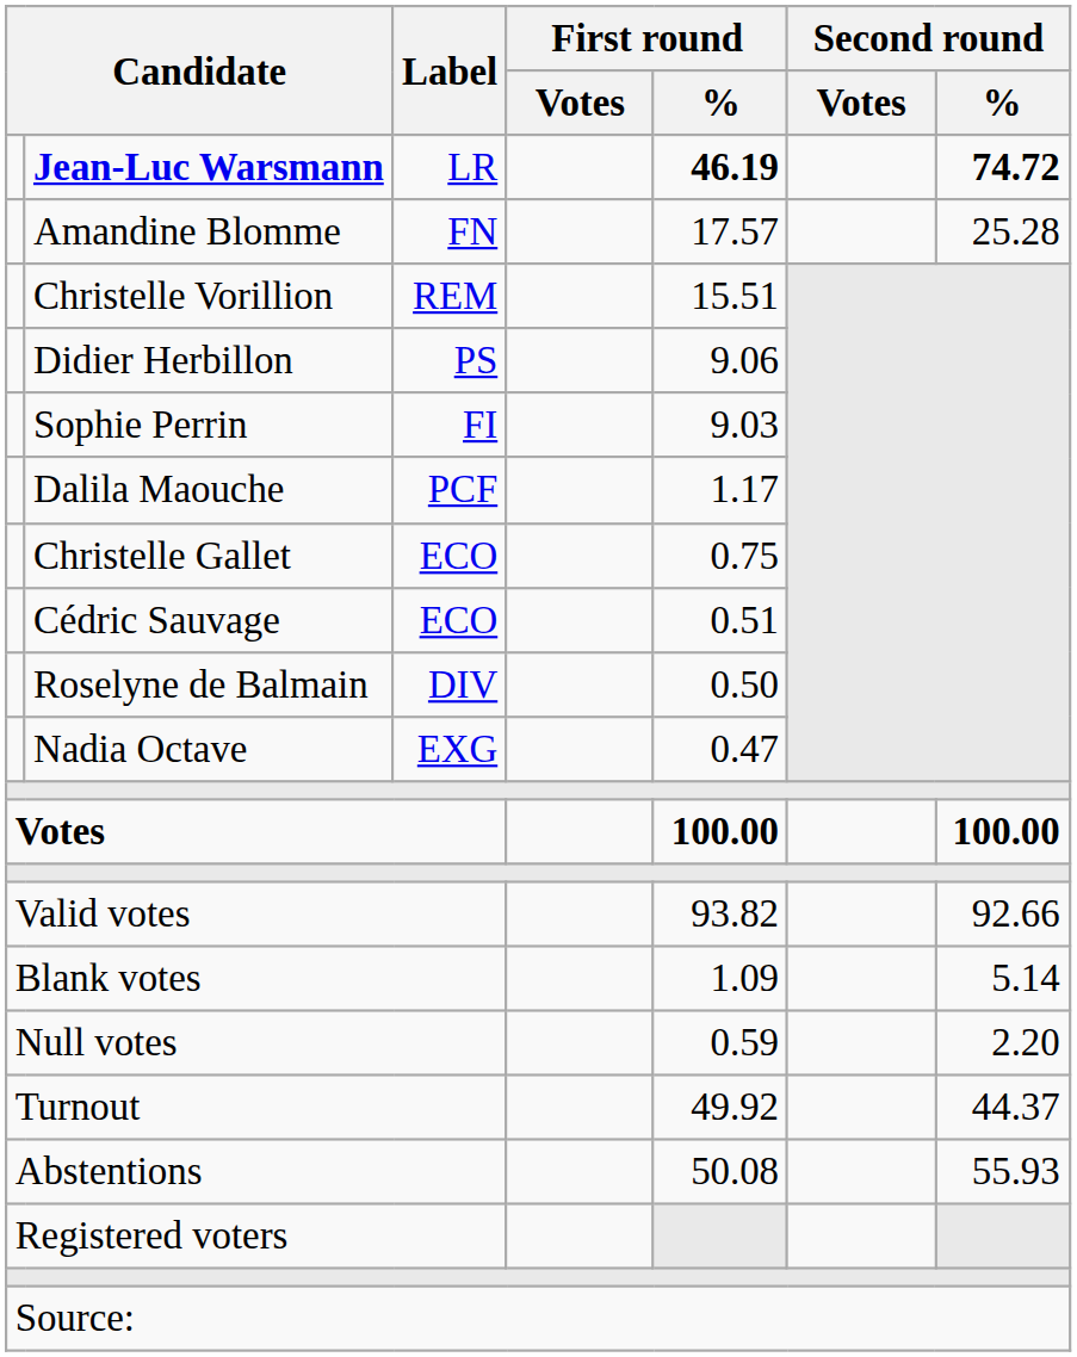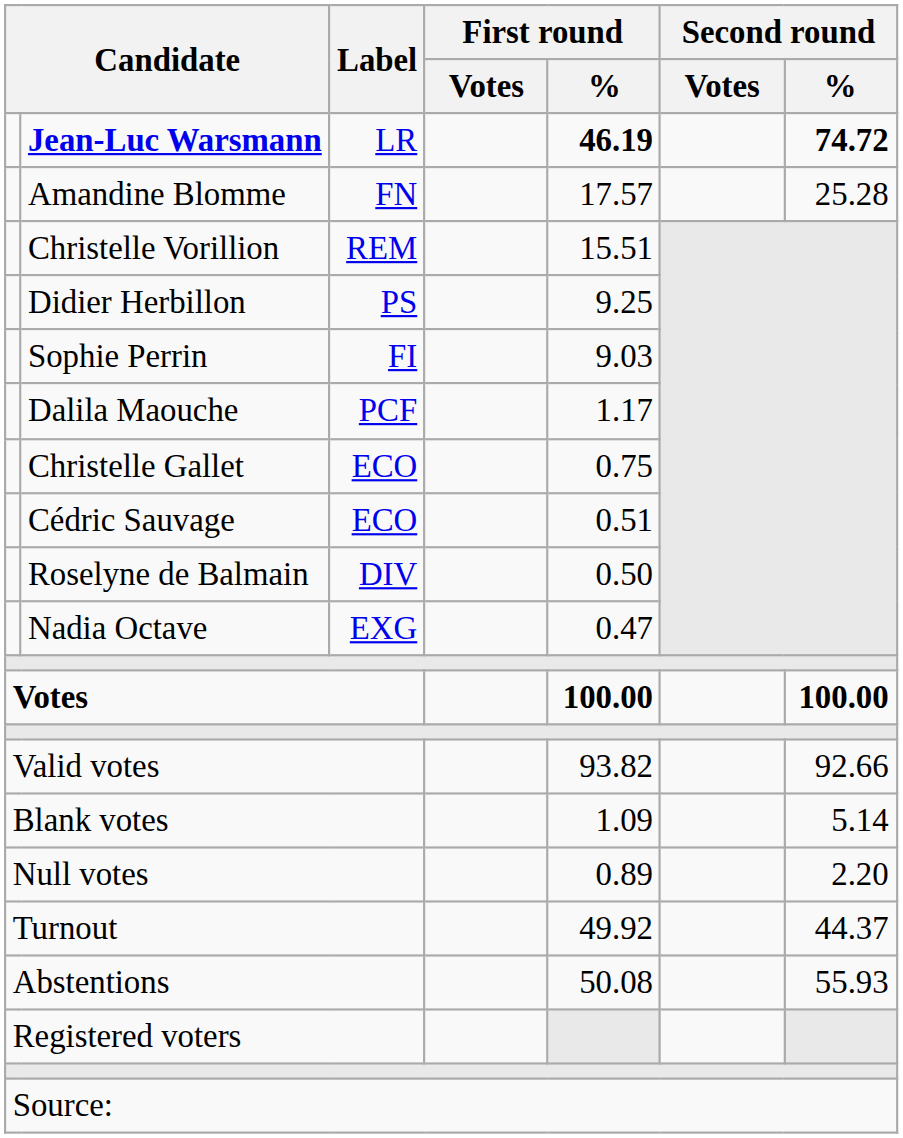 <table class="wikitable" style="text-align:right;font-size:95%;">
 <tr>
 <th colspan="2" rowspan="2">Candidate</th>
 <th rowspan="2">Label</th>
 <th colspan="2">First round</th>
 <th colspan="2">Second round</th>
 </tr>
 <tr>
 <th style="width:50px;">Votes</th>
 <th style="width:45px;">%</th>
 <th style="width:50px;">Votes</th>
 <th style="width:45px;">%</th>
 </tr>
 <tr>
 <td style="color:inherit;background:"></td>
 <td style="text-align:left;"><strong><a href='#'>Jean-Luc Warsmann</a></strong></td>
 <td><a href='#'>LR</a></td>
 <td></td>
 <td><strong>46.19</strong></td>
 <td><strong></strong></td>
 <td><strong>74.72</strong></td>
 </tr>
 <tr>
 <td style="color:inherit;background:"></td>
 <td style="text-align:left;">Amandine Blomme</td>
 <td><a href='#'>FN</a></td>
 <td></td>
 <td>17.57</td>
 <td></td>
 <td>25.28</td>
 </tr>
 <tr>
 <td style="color:inherit;background:"></td>
 <td style="text-align:left;">Christelle Vorillion</td>
 <td><a href='#'>REM</a></td>
 <td></td>
 <td>15.51</td>
 <td colspan="2" rowspan="8" style="background:#E9E9E9;"></td>
 </tr>
 <tr>
 <td style="color:inherit;background:"></td>
 <td style="text-align:left;">Didier Herbillon</td>
 <td><a href='#'>PS</a></td>
 <td></td>
-<td>9.06</td>
+<td>9.25</td>
 </tr>
 <tr>
 <td style="color:inherit;background:"></td>
 <td style="text-align:left;">Sophie Perrin</td>
 <td><a href='#'>FI</a></td>
 <td></td>
 <td>9.03</td>
 </tr>
 <tr>
 <td style="color:inherit;background:"></td>
 <td style="text-align:left;">Dalila Maouche</td>
 <td><a href='#'>PCF</a></td>
 <td></td>
 <td>1.17</td>
 </tr>
 <tr>
 <td style="color:inherit;background:"></td>
 <td style="text-align:left;">Christelle Gallet</td>
 <td><a href='#'>ECO</a></td>
 <td></td>
 <td>0.75</td>
 </tr>
 <tr>
 <td style="color:inherit;background:"></td>
 <td style="text-align:left;">Cédric Sauvage</td>
 <td><a href='#'>ECO</a></td>
 <td></td>
 <td>0.51</td>
 </tr>
 <tr>
 <td style="color:inherit;background:"></td>
 <td style="text-align:left;">Roselyne de Balmain</td>
 <td><a href='#'>DIV</a></td>
 <td></td>
 <td>0.50</td>
 </tr>
 <tr>
 <td style="color:inherit;background:"></td>
 <td style="text-align:left;">Nadia Octave</td>
 <td><a href='#'>EXG</a></td>
 <td></td>
 <td>0.47</td>
 </tr>
 <tr>
 <td colspan="7" style="background:#E9E9E9;"></td>
 </tr>
 <tr style="font-weight:bold;">
 <td colspan="3" style="text-align:left;">Votes</td>
 <td></td>
 <td>100.00</td>
 <td></td>
 <td>100.00</td>
 </tr>
 <tr>
 <td colspan="7" style="background:#E9E9E9;"></td>
 </tr>
 <tr>
 <td colspan="3" style="text-align:left;">Valid votes</td>
 <td></td>
 <td>93.82</td>
 <td></td>
 <td>92.66</td>
 </tr>
 <tr>
 <td colspan="3" style="text-align:left;">Blank votes</td>
 <td></td>
 <td>1.09</td>
 <td></td>
 <td>5.14</td>
 </tr>
 <tr>
 <td colspan="3" style="text-align:left;">Null votes</td>
 <td></td>
-<td>0.59</td>
+<td>0.89</td>
 <td></td>
 <td>2.20</td>
 </tr>
 <tr>
 <td colspan="3" style="text-align:left;">Turnout</td>
 <td></td>
 <td>49.92</td>
 <td></td>
 <td>44.37</td>
 </tr>
 <tr>
 <td colspan="3" style="text-align:left;">Abstentions</td>
 <td></td>
 <td>50.08</td>
 <td></td>
 <td>55.93</td>
 </tr>
 <tr>
 <td colspan="3" style="text-align:left;">Registered voters</td>
 <td></td>
 <td style="background:#E9E9E9;"></td>
 <td></td>
 <td style="background:#E9E9E9;"></td>
 </tr>
 <tr>
 <td colspan="7" style="background:#E9E9E9;"></td>
 </tr>
 <tr>
 <td colspan="7" style="text-align:left;">Source: </td>
 </tr>
 </table>
